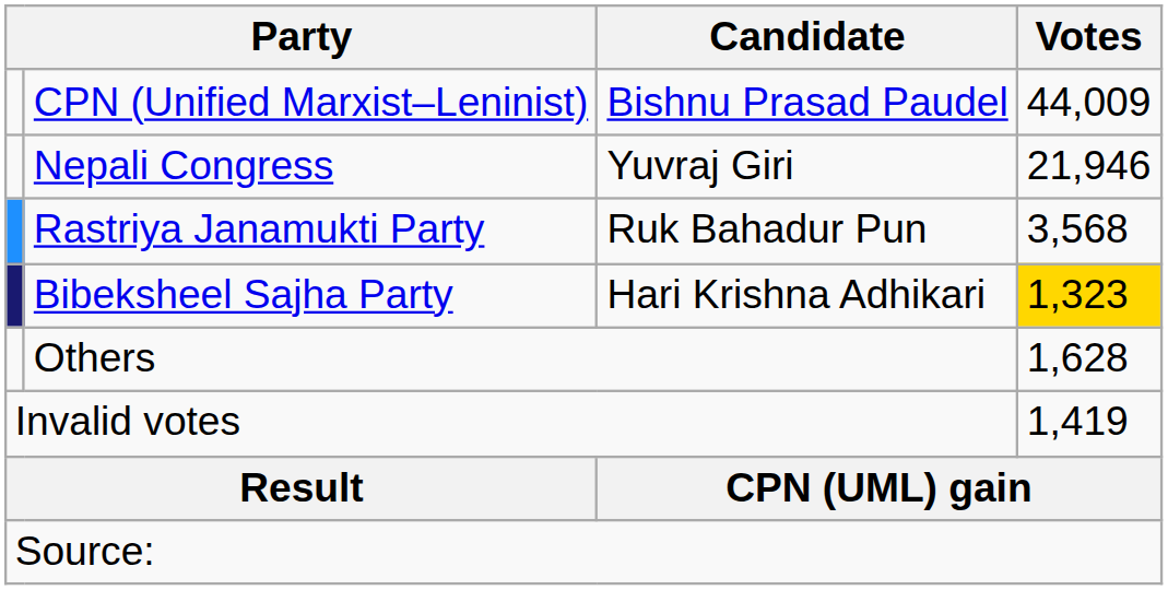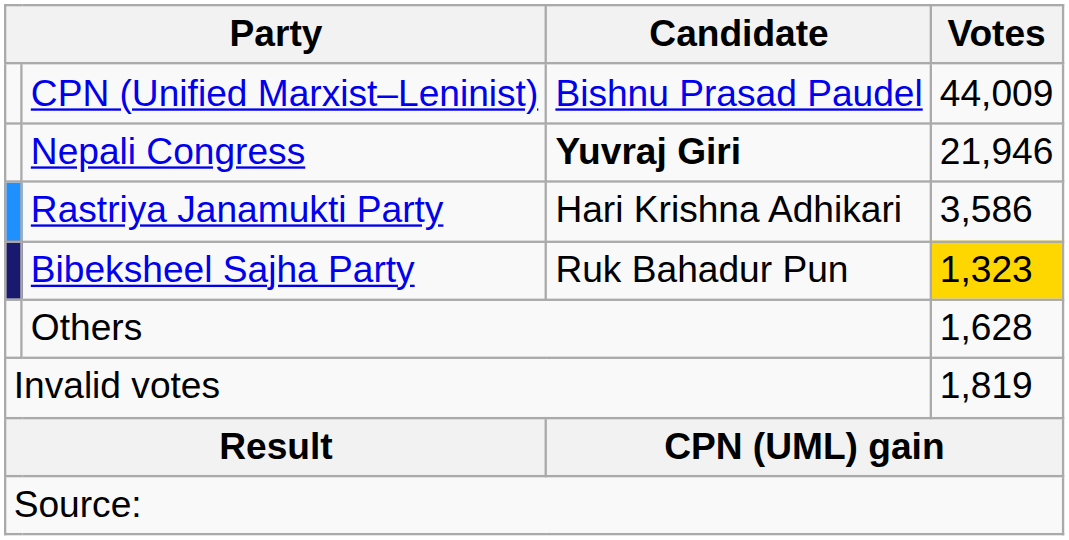 <table class="wikitable">
 <tr>
 <th colspan="2">Party</th>
 <th>Candidate</th>
 <th>Votes</th>
 </tr>
 <tr>
 <td style="background-color:"></td>
 <td><a href='#'>CPN (Unified Marxist–Leninist)</a></td>
 <td><a href='#'>Bishnu Prasad Paudel</a></td>
 <td>44,009</td>
 </tr>
 <tr>
 <td style="background-color:"></td>
 <td><a href='#'>Nepali Congress</a></td>
-<td>Yuvraj Giri</td>
+<td><strong>Yuvraj Giri</strong></td>
 <td>21,946</td>
 </tr>
 <tr>
 <td style="background-color:dodgerblue"></td>
 <td><a href='#'>Rastriya Janamukti Party</a></td>
-<td>Ruk Bahadur Pun</td>
-<td>3,568</td>
+<td>Hari Krishna Adhikari</td>
+<td>3,586</td>
 </tr>
 <tr>
 <td style="background-color:midnightblue"></td>
 <td><a href='#'>Bibeksheel Sajha Party</a></td>
-<td>Hari Krishna Adhikari</td>
+<td>Ruk Bahadur Pun</td>
 <td style="background: gold;">1,323</td>
 </tr>
 <tr>
 <td></td>
 <td colspan="2">Others</td>
 <td>1,628</td>
 </tr>
 <tr>
 <td colspan="3">Invalid votes</td>
-<td>1,419</td>
+<td>1,819</td>
 </tr>
 <tr>
 <th colspan="2">Result</th>
 <th colspan="2">CPN (UML) gain</th>
 </tr>
 <tr>
 <td colspan="4">Source: </td>
 </tr>
 </table>
